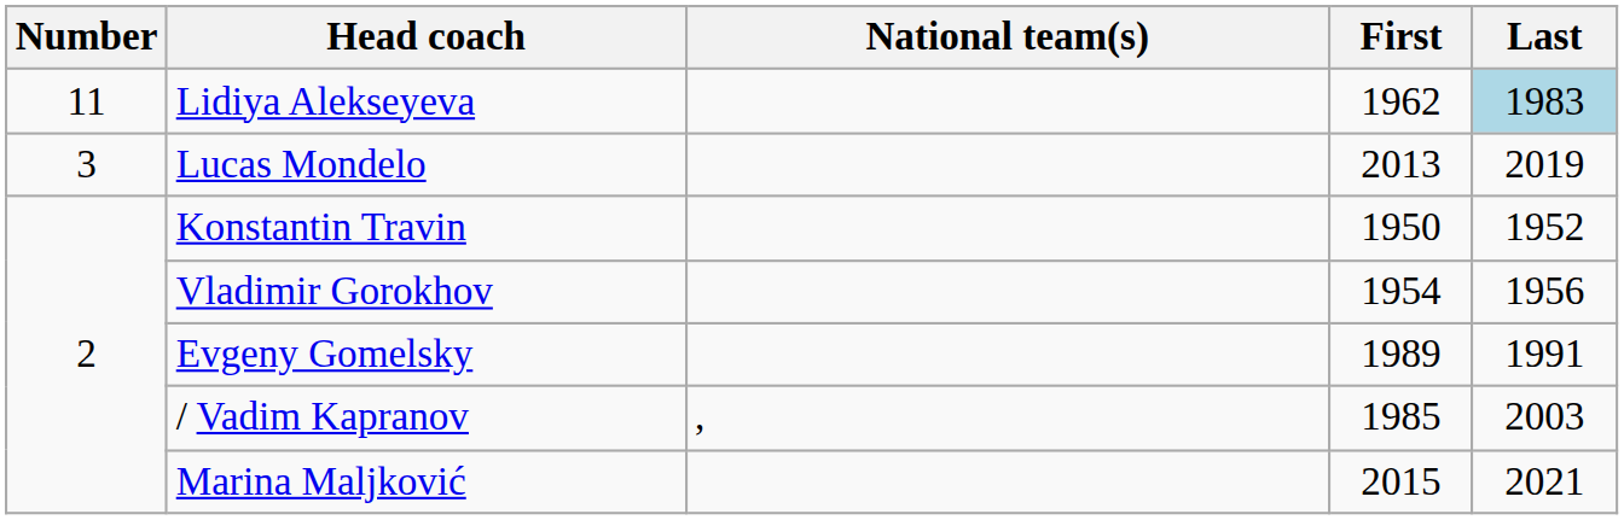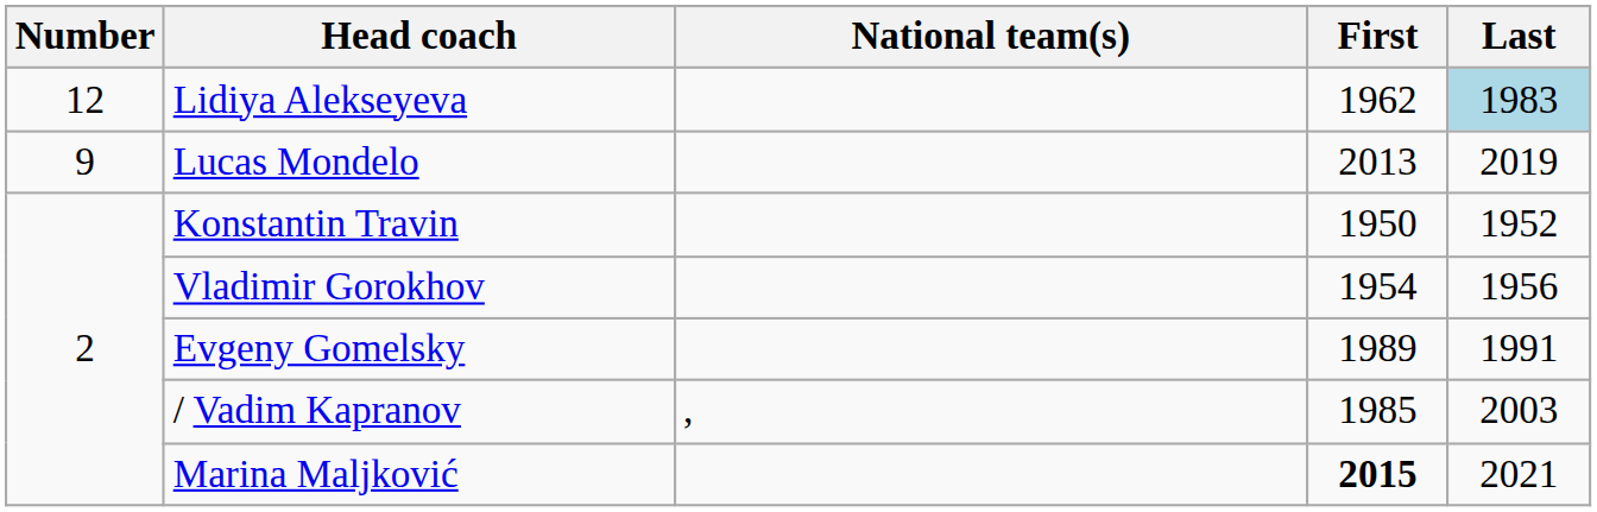 <table class="wikitable">
 <tr>
 <th>Number</th>
 <th style="width:200px">Head coach</th>
 <th style="width:250px">National team(s)</th>
 <th style="width:50px">First</th>
 <th style="width:50px">Last</th>
 </tr>
 <tr>
-<td style="text-align:center;">11</td>
+<td style="text-align:center;">12</td>
 <td> <a href='#'>Lidiya Alekseyeva</a></td>
 <td></td>
 <td style="text-align:center;">1962</td>
 <td style="background: lightblue; text-align:center;">1983</td>
 </tr>
 <tr>
-<td style="text-align:center;">3</td>
+<td style="text-align:center;">9</td>
 <td> <a href='#'>Lucas Mondelo</a></td>
 <td></td>
 <td align=center>2013</td>
 <td align=center>2019</td>
 </tr>
 <tr>
 <td rowspan=5 style="text-align:center;">2</td>
 <td> <a href='#'>Konstantin Travin</a></td>
 <td></td>
 <td align=center>1950</td>
 <td align=center>1952</td>
 </tr>
 <tr>
 <td> <a href='#'>Vladimir Gorokhov</a></td>
 <td></td>
 <td align=center>1954</td>
 <td align=center>1956</td>
 </tr>
 <tr>
 <td> <a href='#'>Evgeny Gomelsky</a></td>
 <td></td>
 <td align=center>1989</td>
 <td align=center>1991</td>
 </tr>
 <tr>
 <td>/  <a href='#'>Vadim Kapranov</a></td>
 <td>, </td>
 <td align=center>1985</td>
 <td align=center>2003</td>
 </tr>
 <tr>
 <td> <a href='#'>Marina Maljković</a></td>
 <td></td>
-<td align=center>2015</td>
+<td align=center><strong>2015</strong></td>
 <td align=center>2021</td>
 </tr>
 </table>
